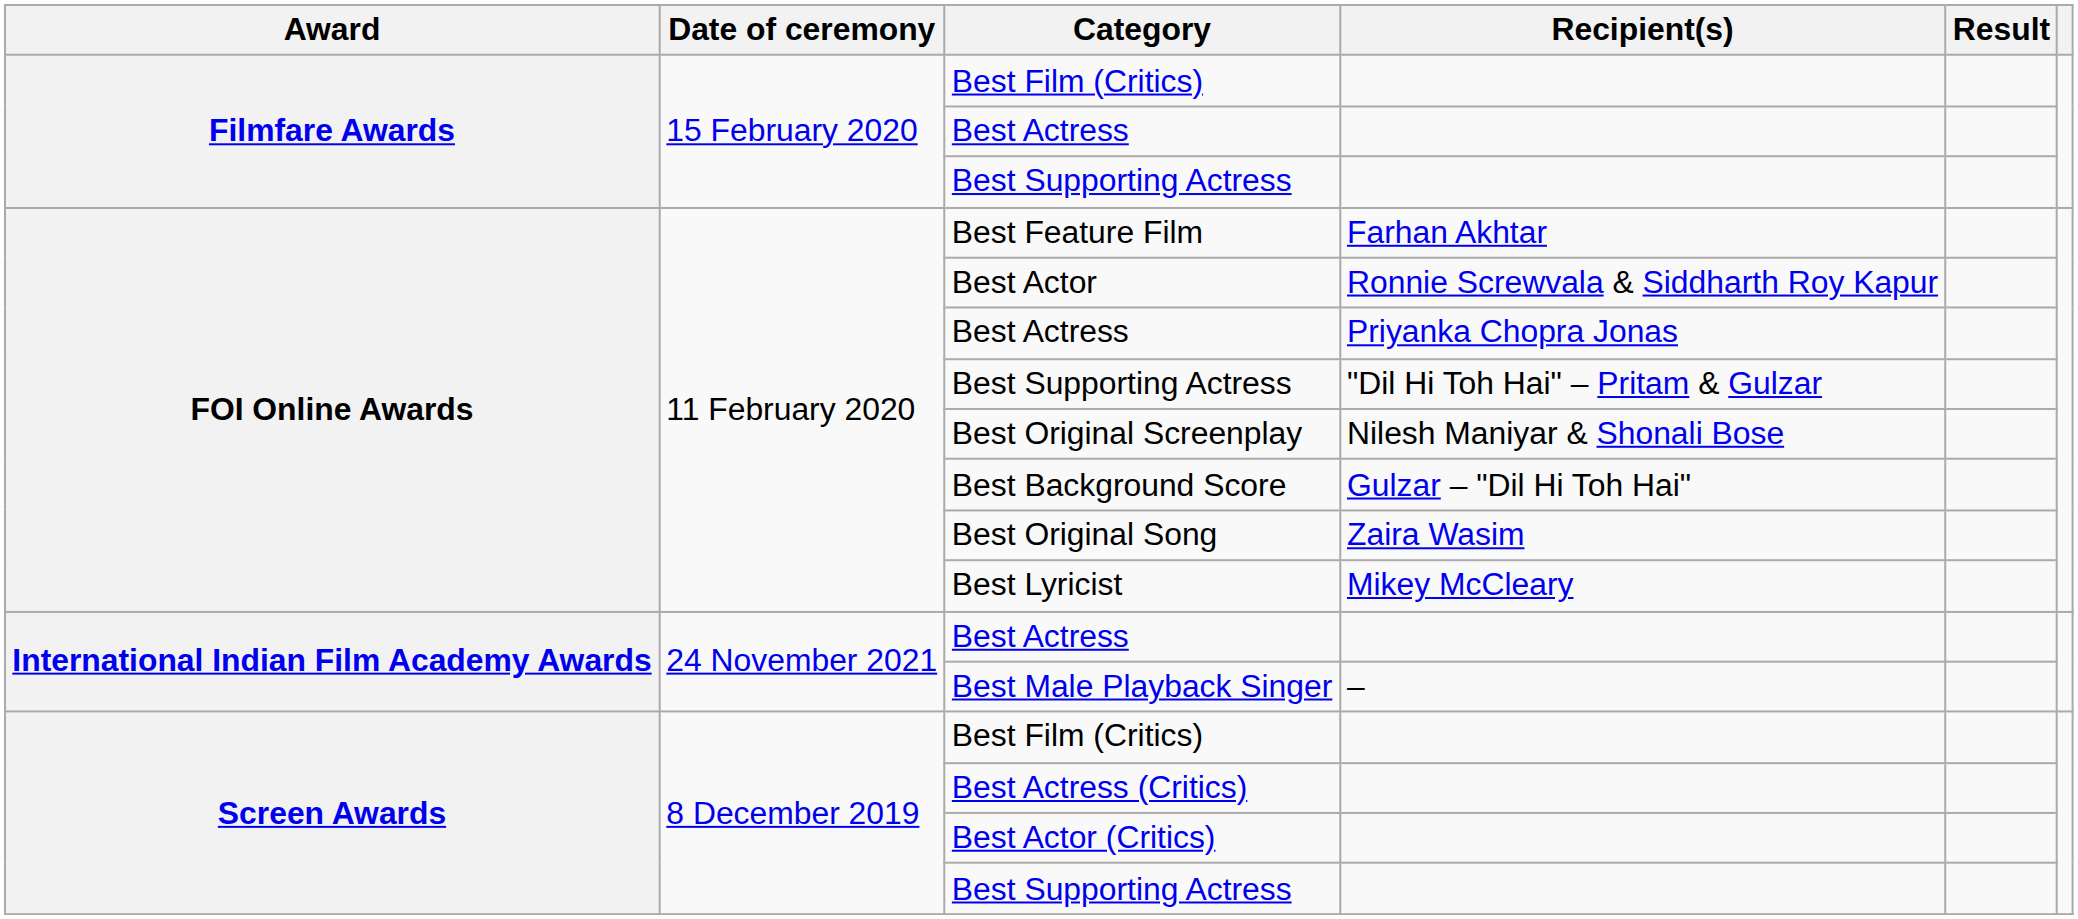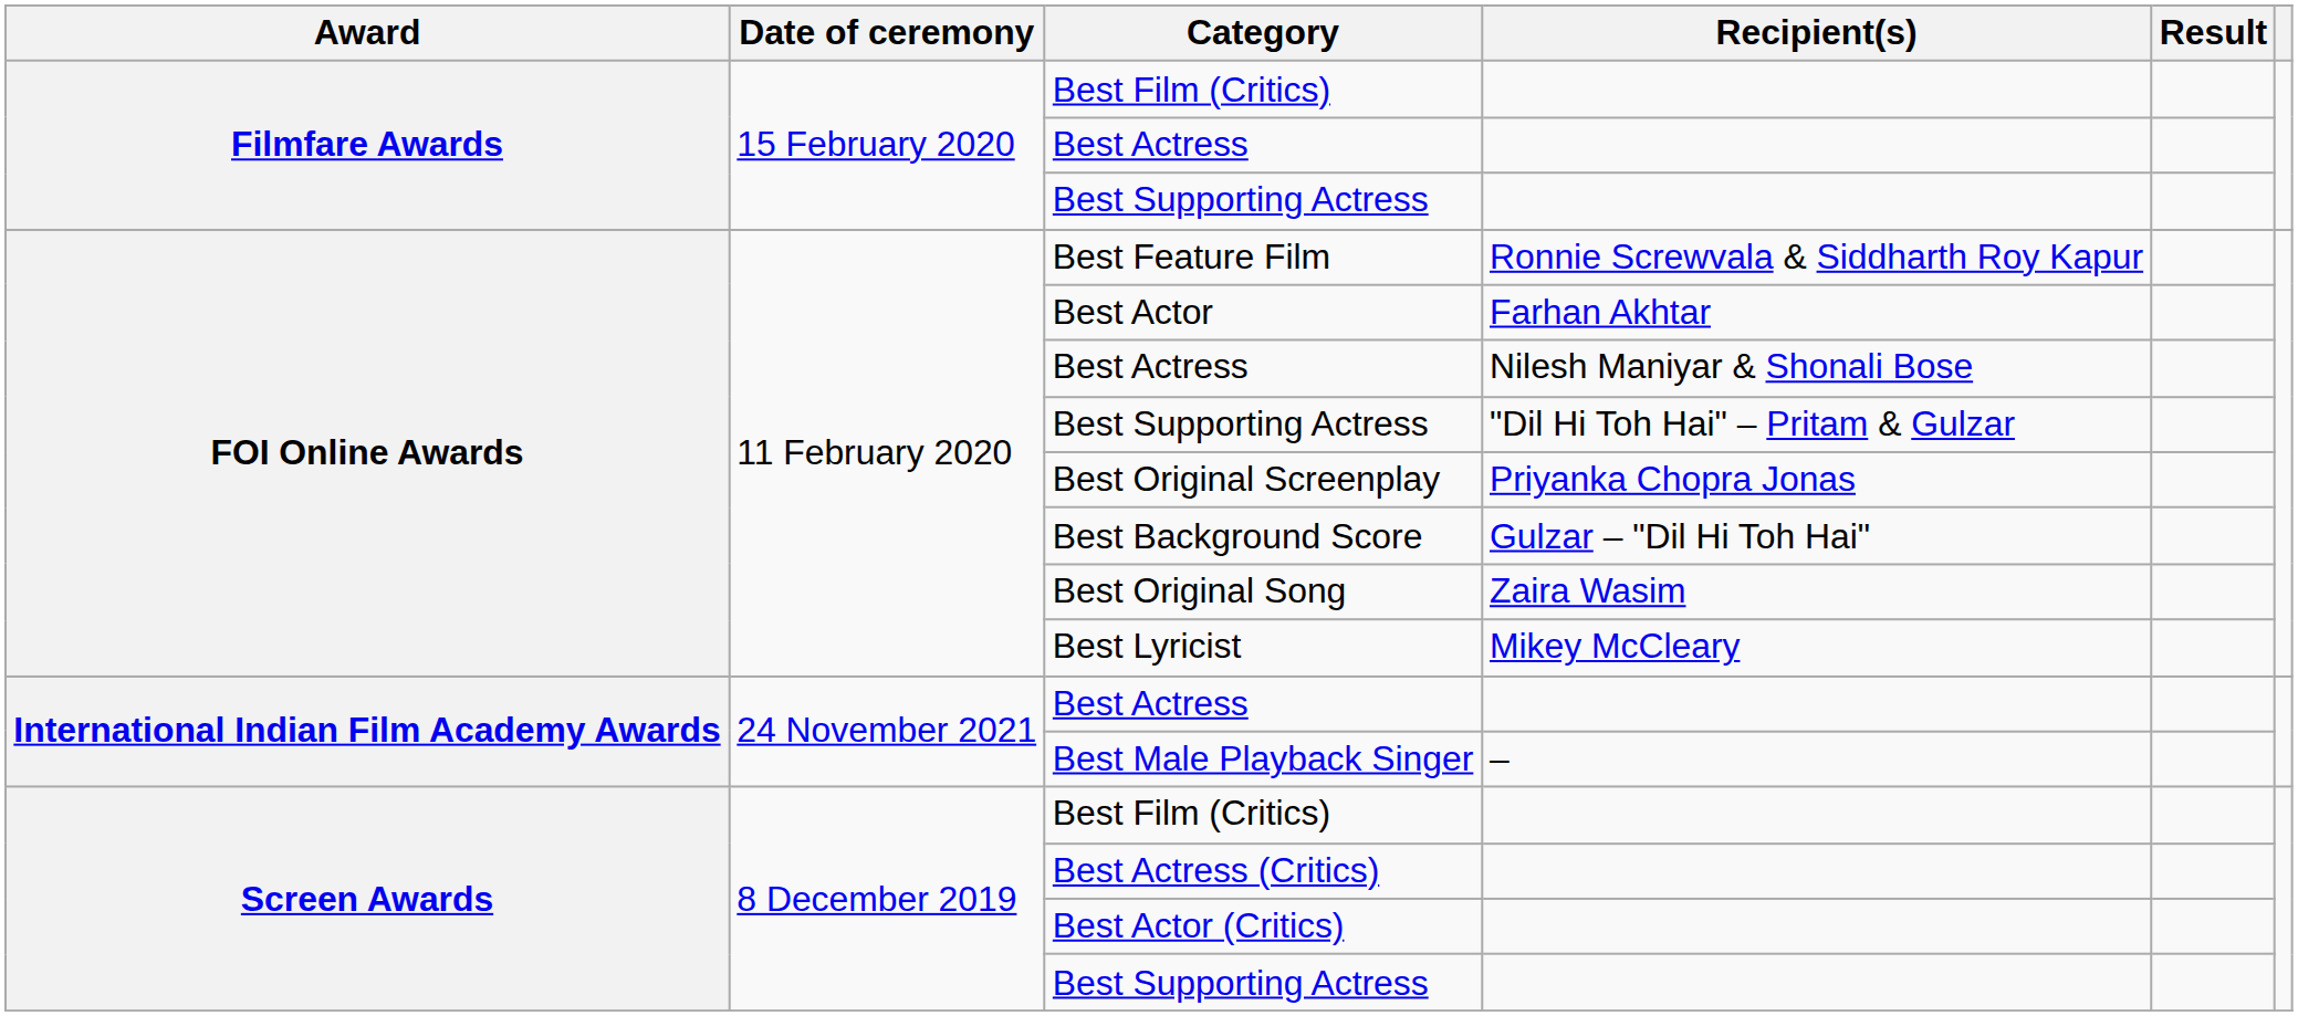 <table class="wikitable plainrowheaders sortable">
 <tr>
 <th scope="col">Award</th>
 <th scope="col">Date of ceremony</th>
 <th scope="col">Category</th>
 <th scope="col">Recipient(s)</th>
 <th scope="col">Result</th>
 <th scope="col" class="unsortable"></th>
 </tr>
 <tr>
 <th scope="row" rowspan="3"><a href='#'>Filmfare Awards</a></th>
 <td rowspan="3"><a href='#'>15 February 2020</a></td>
 <td><a href='#'>Best Film (Critics)</a></td>
 <td></td>
 <td></td>
 <td style="text-align:center;" rowspan="3"></td>
 </tr>
 <tr>
 <td><a href='#'>Best Actress</a></td>
 <td></td>
 <td></td>
 </tr>
 <tr>
 <td><a href='#'>Best Supporting Actress</a></td>
 <td></td>
 <td></td>
 </tr>
 <tr>
 <th scope="row" rowspan="8">FOI Online Awards</th>
 <td rowspan="8">11 February 2020</td>
 <td>Best Feature Film</td>
-<td><a href='#'>Farhan Akhtar</a></td>
+<td><a href='#'>Ronnie Screwvala</a> & <a href='#'>Siddharth Roy Kapur</a></td>
 <td></td>
 <td style="text-align:center;" rowspan="8"></td>
 </tr>
 <tr>
 <td>Best Actor</td>
-<td><a href='#'>Ronnie Screwvala</a> & <a href='#'>Siddharth Roy Kapur</a></td>
+<td><a href='#'>Farhan Akhtar</a></td>
 <td></td>
 </tr>
 <tr>
 <td>Best Actress</td>
-<td><a href='#'>Priyanka Chopra Jonas</a></td>
+<td>Nilesh Maniyar & <a href='#'>Shonali Bose</a></td>
 <td></td>
 </tr>
 <tr>
 <td>Best Supporting Actress</td>
 <td>"Dil Hi Toh Hai" – <a href='#'>Pritam</a> & <a href='#'>Gulzar</a></td>
 <td></td>
 </tr>
 <tr>
 <td>Best Original Screenplay</td>
-<td>Nilesh Maniyar & <a href='#'>Shonali Bose</a></td>
+<td><a href='#'>Priyanka Chopra Jonas</a></td>
 <td></td>
 </tr>
 <tr>
 <td>Best Background Score</td>
 <td><a href='#'>Gulzar</a> – "Dil Hi Toh Hai"</td>
 <td></td>
 </tr>
 <tr>
 <td>Best Original Song</td>
 <td><a href='#'>Zaira Wasim</a></td>
 <td></td>
 </tr>
 <tr>
 <td>Best Lyricist</td>
 <td><a href='#'>Mikey McCleary</a></td>
 <td></td>
 </tr>
 <tr>
 <th scope="row" rowspan="2"><a href='#'>International Indian Film Academy Awards</a></th>
 <td rowspan="2"><a href='#'>24 November 2021</a></td>
 <td><a href='#'>Best Actress</a></td>
 <td></td>
 <td></td>
 <td style="text-align:center;" rowspan="2"></td>
 </tr>
 <tr>
 <td><a href='#'>Best Male Playback Singer</a></td>
 <td> – </td>
 <td></td>
 </tr>
 <tr>
 <th scope="row" rowspan="4"><a href='#'>Screen Awards</a></th>
 <td rowspan="4"><a href='#'>8 December 2019</a></td>
 <td>Best Film (Critics)</td>
 <td></td>
 <td></td>
 <td style="text-align:center;" rowspan="4"></td>
 </tr>
 <tr>
 <td><a href='#'>Best Actress (Critics)</a></td>
 <td></td>
 <td></td>
 </tr>
 <tr>
 <td><a href='#'>Best Actor (Critics)</a></td>
 <td></td>
 <td></td>
 </tr>
 <tr>
 <td><a href='#'>Best Supporting Actress</a></td>
 <td></td>
 <td></td>
 </tr>
 <tr>
 </tr>
 </table>
